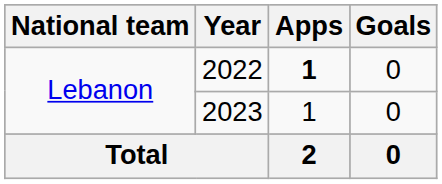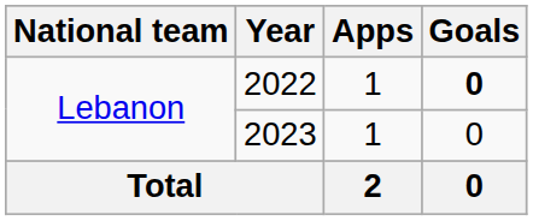 <table class="wikitable" style="text-align:center">
 <tr>
 <th>National team</th>
 <th>Year</th>
 <th>Apps</th>
 <th>Goals</th>
 </tr>
 <tr>
 <td rowspan="2"><a href='#'>Lebanon</a></td>
 <td>2022</td>
-<td><strong>1</strong></td>
-<td>0</td>
+<td>1</td>
+<td><strong>0</strong></td>
 </tr>
 <tr>
 <td>2023</td>
 <td>1</td>
 <td>0</td>
 </tr>
 <tr>
 <th colspan="2">Total</th>
 <th>2</th>
 <th>0</th>
 </tr>
 </table>
